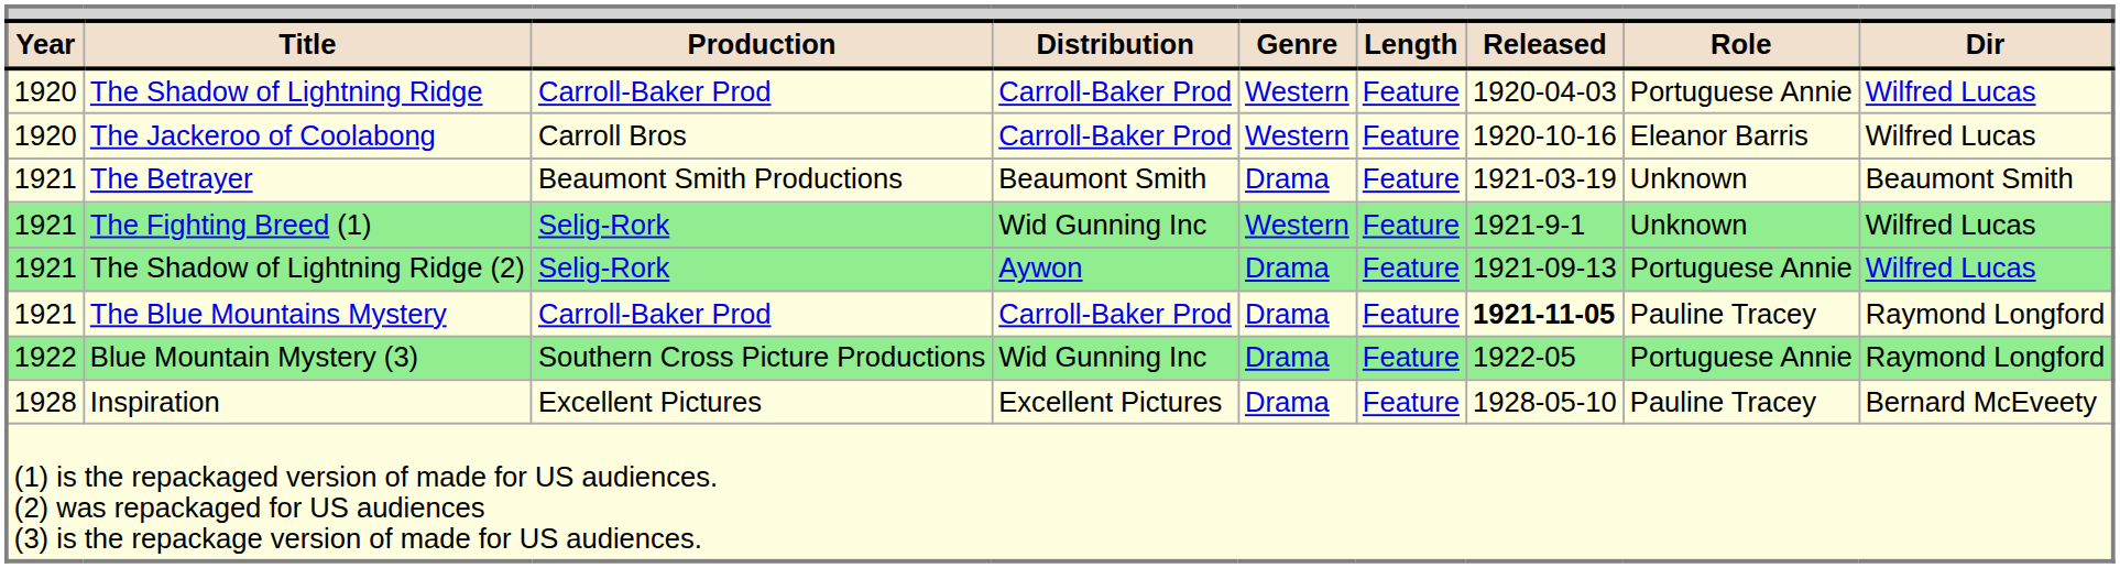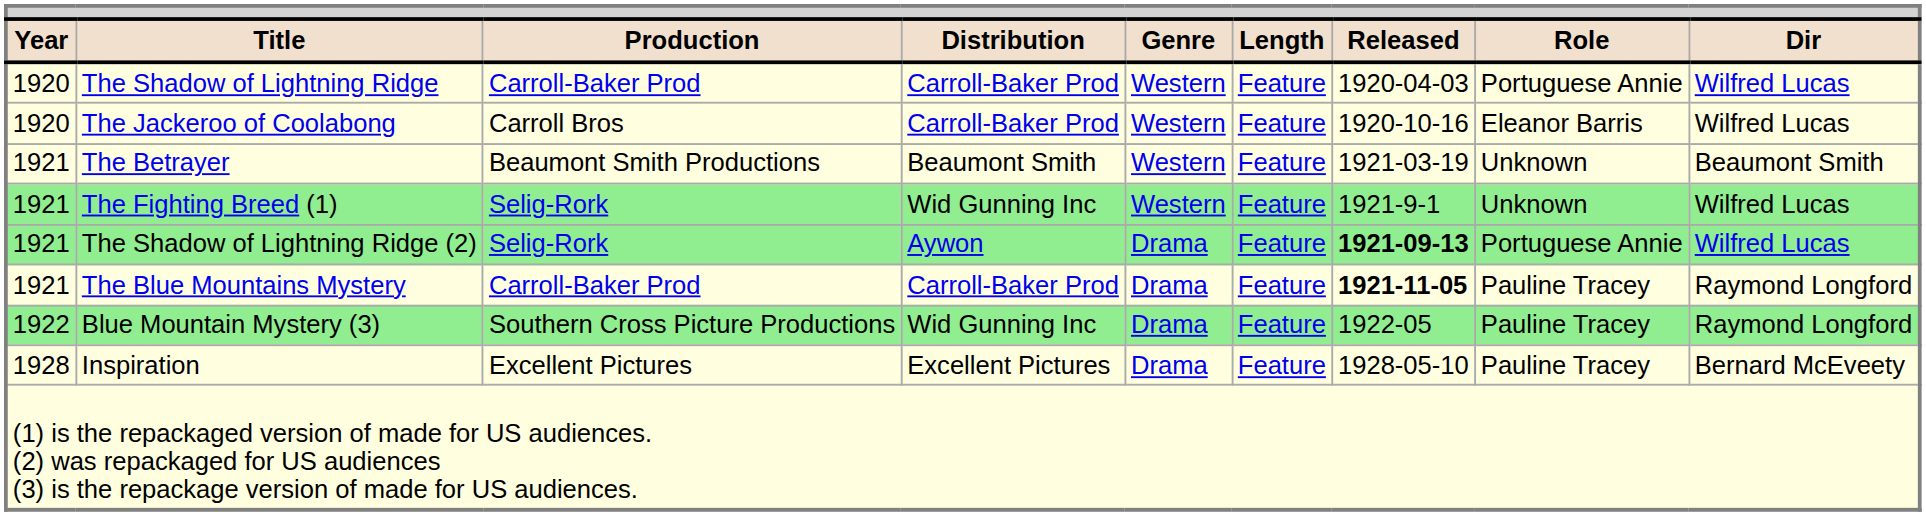 <table class="wikitable sortable mw-collapsible mw-collapsed" style="background:lightyellow; border:2px solid gray;font-size:85%">
 <tr>
 <th colspan="18" style="border:1px solid #808080;background:lightgrey;"></th>
 </tr>
 <tr>
 <th style="border-bottom:2px solid black;border-top:2px solid black;background:#F2E0CE">Year</th>
 <th style="border-bottom:2px solid black;border-top:2px solid black;background:#F2E0CE">Title</th>
 <th style="border-bottom:2px solid black;border-top:2px solid black;background:#F2E0CE">Production</th>
 <th style="border-bottom:2px solid black;border-top:2px solid black;background:#F2E0CE">Distribution</th>
 <th style="border-bottom:2px solid black;border-top:2px solid black;background:#F2E0CE">Genre</th>
 <th style="border-bottom:2px solid black;border-top:2px solid black;background:#F2E0CE">Length</th>
 <th style="border-bottom:2px solid black;border-top:2px solid black;background:#F2E0CE">Released</th>
 <th style="border-bottom:2px solid black;border-top:2px solid black;background:#F2E0CE">Role</th>
 <th style="border-bottom:2px solid black;border-top:2px solid black;background:#F2E0CE">Dir</th>
 </tr>
 <tr>
 <td>1920</td>
 <td><a href='#'>The Shadow of Lightning Ridge</a></td>
 <td><a href='#'>Carroll-Baker Prod</a></td>
 <td><a href='#'>Carroll-Baker Prod</a></td>
 <td><a href='#'>Western</a></td>
 <td><a href='#'>Feature</a></td>
 <td>1920-04-03</td>
 <td>Portuguese Annie</td>
 <td><a href='#'>Wilfred Lucas</a></td>
 </tr>
 <tr>
 <td>1920</td>
 <td><a href='#'>The Jackeroo of Coolabong</a></td>
 <td>Carroll Bros</td>
 <td><a href='#'>Carroll-Baker Prod</a></td>
 <td><a href='#'>Western</a></td>
 <td><a href='#'>Feature</a></td>
 <td>1920-10-16</td>
 <td>Eleanor Barris</td>
 <td>Wilfred Lucas</td>
 </tr>
 <tr>
 <td>1921</td>
 <td><a href='#'>The Betrayer</a></td>
 <td>Beaumont Smith Productions</td>
 <td>Beaumont Smith</td>
-<td><a href='#'>Drama</a></td>
+<td><a href='#'>Western</a></td>
 <td><a href='#'>Feature</a></td>
 <td>1921-03-19</td>
 <td>Unknown</td>
 <td>Beaumont Smith</td>
 </tr>
 <tr>
 <td style="background:lightgreen;">1921</td>
 <td style="background:lightgreen;"><a href='#'>The Fighting Breed</a> (1)</td>
 <td style="background:lightgreen;"><a href='#'>Selig-Rork</a></td>
 <td style="background:lightgreen;">Wid Gunning Inc</td>
 <td style="background:lightgreen;"><a href='#'>Western</a></td>
 <td style="background:lightgreen;"><a href='#'>Feature</a></td>
 <td style="background:lightgreen;">1921-9-1</td>
 <td style="background:lightgreen;">Unknown</td>
 <td style="background:lightgreen;">Wilfred Lucas</td>
 </tr>
 <tr>
 <td style="background:lightgreen;">1921</td>
 <td style="background:lightgreen;">The Shadow of Lightning Ridge (2)</td>
 <td style="background:lightgreen;"><a href='#'>Selig-Rork</a></td>
 <td style="background:lightgreen;"><a href='#'>Aywon</a></td>
 <td style="background:lightgreen;"><a href='#'>Drama</a></td>
 <td style="background:lightgreen;"><a href='#'>Feature</a></td>
-<td style="background:lightgreen;">1921-09-13</td>
+<td style="background:lightgreen;"><strong>1921-09-13</strong></td>
 <td style="background:lightgreen;">Portuguese Annie</td>
 <td style="background:lightgreen;"><a href='#'>Wilfred Lucas</a></td>
 </tr>
 <tr>
 <td>1921</td>
 <td><a href='#'>The Blue Mountains Mystery</a></td>
 <td><a href='#'>Carroll-Baker Prod</a></td>
 <td><a href='#'>Carroll-Baker Prod</a></td>
 <td><a href='#'>Drama</a></td>
 <td><a href='#'>Feature</a></td>
 <td><strong>1921-11-05</strong></td>
 <td>Pauline Tracey</td>
 <td>Raymond Longford</td>
 </tr>
 <tr>
 <td style="background:lightgreen;">1922</td>
 <td style="background:lightgreen;">Blue Mountain Mystery (3)</td>
 <td style="background:lightgreen;">Southern Cross Picture Productions</td>
 <td style="background:lightgreen;">Wid Gunning Inc</td>
 <td style="background:lightgreen;"><a href='#'>Drama</a></td>
 <td style="background:lightgreen;"><a href='#'>Feature</a></td>
 <td style="background:lightgreen;">1922-05</td>
-<td style="background:lightgreen;">Portuguese Annie</td>
+<td style="background:lightgreen;">Pauline Tracey</td>
 <td style="background:lightgreen;">Raymond Longford</td>
 </tr>
 <tr>
 <td>1928</td>
 <td>Inspiration</td>
 <td>Excellent Pictures</td>
 <td>Excellent Pictures</td>
 <td><a href='#'>Drama</a></td>
 <td><a href='#'>Feature</a></td>
 <td>1928-05-10</td>
 <td>Pauline Tracey</td>
 <td>Bernard McEveety</td>
 </tr>
 <tr>
 <td colspan="9"><br>(1)  is the repackaged version of  made for US audiences. <br> (2)  was repackaged for US audiences <br> (3)  is the repackage version of  made for US audiences.</td>
 </tr>
 <tr>
 </tr>
 </table>
